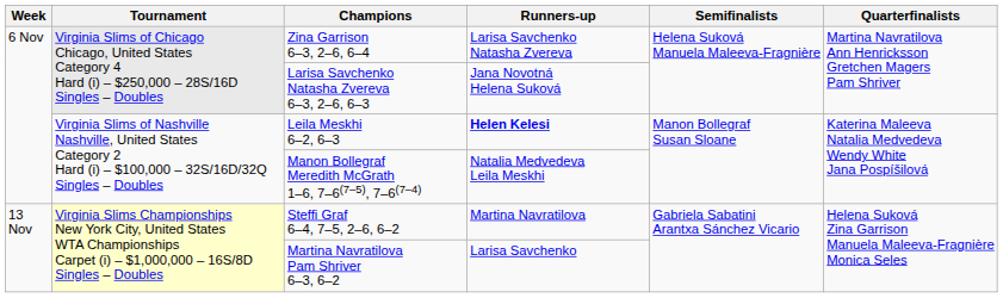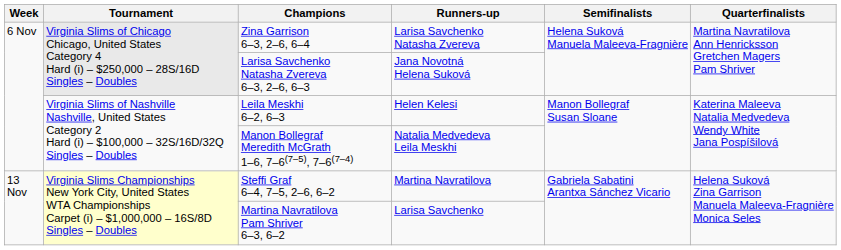 <table class=wikitable style=font-size:95%>
 <tr>
 <th style="width:46px;">Week</th>
 <th style="width:256px;">Tournament</th>
 <th style="width:200px;">Champions</th>
 <th style="width:200px;">Runners-up</th>
 <th style="width:190px;">Semifinalists</th>
 <th style="width:190px;">Quarterfinalists</th>
 </tr>
 <tr valign="top">
 <td rowspan=4>6 Nov</td>
 <td rowspan=2 style="background:#E9E9E9;"><a href='#'>Virginia Slims of Chicago</a><br>Chicago, United States<br>Category 4  <br>Hard (i) – $250,000 – 28S/16D <br> <a href='#'>Singles</a> – <a href='#'>Doubles</a></td>
 <td> <a href='#'>Zina Garrison</a><br>6–3, 2–6, 6–4</td>
 <td> <a href='#'>Larisa Savchenko</a><br> <a href='#'>Natasha Zvereva</a></td>
 <td rowspan=2> <a href='#'>Helena Suková</a><br> <a href='#'>Manuela Maleeva-Fragnière</a></td>
 <td rowspan=2> <a href='#'>Martina Navratilova</a><br> <a href='#'>Ann Henricksson</a><br> <a href='#'>Gretchen Magers</a><br> <a href='#'>Pam Shriver</a></td>
 </tr>
 <tr valign="top">
 <td> <a href='#'>Larisa Savchenko</a><br> <a href='#'>Natasha Zvereva</a><br>6–3, 2–6, 6–3</td>
 <td> <a href='#'>Jana Novotná</a><br> <a href='#'>Helena Suková</a></td>
 </tr>
 <tr valign="top">
 <td rowspan=2><a href='#'>Virginia Slims of Nashville</a><br><a href='#'>Nashville</a>, United States<br>Category 2  <br>Hard (i) – $100,000 – 32S/16D/32Q <br><a href='#'>Singles</a> – <a href='#'>Doubles</a></td>
 <td> <a href='#'>Leila Meskhi</a><br>6–2, 6–3</td>
-<td><strong> <a href='#'>Helen Kelesi</a></strong></td>
+<td> <a href='#'>Helen Kelesi</a></td>
 <td rowspan=2> <a href='#'>Manon Bollegraf</a><br> <a href='#'>Susan Sloane</a></td>
 <td rowspan=2> <a href='#'>Katerina Maleeva</a><br> <a href='#'>Natalia Medvedeva</a><br> <a href='#'>Wendy White</a><br> <a href='#'>Jana Pospíšilová</a></td>
 </tr>
 <tr valign="top">
 <td> <a href='#'>Manon Bollegraf</a><br> <a href='#'>Meredith McGrath</a><br>1–6, 7–6<sup>(7–5)</sup>, 7–6<sup>(7–4)</sup></td>
 <td> <a href='#'>Natalia Medvedeva</a><br> <a href='#'>Leila Meskhi</a></td>
 </tr>
 <tr valign="top">
 <td rowspan=2>13 Nov</td>
 <td rowspan=2 style="background:#ffc;"><a href='#'>Virginia Slims Championships</a><br>New York City, United States<br>WTA Championships<br>Carpet (i) – $1,000,000 – 16S/8D <br><a href='#'>Singles</a> – <a href='#'>Doubles</a></td>
 <td> <a href='#'>Steffi Graf</a><br>6–4, 7–5, 2–6, 6–2</td>
 <td> <a href='#'>Martina Navratilova</a></td>
 <td rowspan=2> <a href='#'>Gabriela Sabatini</a><br> <a href='#'>Arantxa Sánchez Vicario</a></td>
 <td rowspan=2> <a href='#'>Helena Suková</a><br> <a href='#'>Zina Garrison</a><br> <a href='#'>Manuela Maleeva-Fragnière</a><br> <a href='#'>Monica Seles</a></td>
 </tr>
 <tr valign="top">
 <td> <a href='#'>Martina Navratilova</a><br> <a href='#'>Pam Shriver</a><br>6–3, 6–2</td>
 <td> <a href='#'>Larisa Savchenko</a></td>
 </tr>
 </table>
